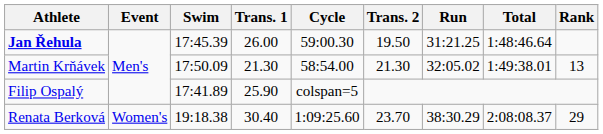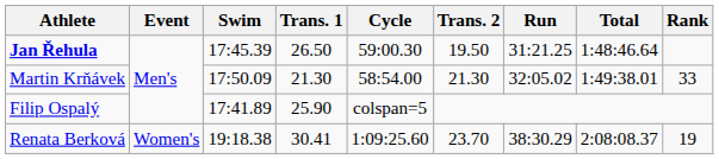 <table class=wikitable style=font-size:90%;text-align:center>
 <tr>
 <th>Athlete</th>
 <th>Event</th>
 <th>Swim</th>
 <th>Trans. 1</th>
 <th>Cycle</th>
 <th>Trans. 2</th>
 <th>Run</th>
 <th>Total</th>
 <th>Rank</th>
 </tr>
 <tr>
 <td align=left><strong><a href='#'>Jan Řehula</a></strong></td>
 <td align=left rowspan=3><a href='#'>Men's</a></td>
 <td>17:45.39</td>
-<td>26.00</td>
+<td>26.50</td>
 <td>59:00.30</td>
 <td>19.50</td>
 <td>31:21.25</td>
 <td>1:48:46.64</td>
 <td></td>
 </tr>
 <tr>
 <td align=left><a href='#'>Martin Krňávek</a></td>
 <td>17:50.09</td>
 <td>21.30</td>
 <td>58:54.00</td>
 <td>21.30</td>
 <td>32:05.02</td>
 <td>1:49:38.01</td>
-<td>13</td>
+<td>33</td>
 </tr>
 <tr>
 <td align=left><a href='#'>Filip Ospalý</a></td>
 <td>17:41.89</td>
 <td>25.90</td>
 <td>colspan=5 </td>
 </tr>
 <tr>
 <td align=left><a href='#'>Renata Berková</a></td>
 <td align=left><a href='#'>Women's</a></td>
 <td>19:18.38</td>
-<td>30.40</td>
+<td>30.41</td>
 <td>1:09:25.60</td>
 <td>23.70</td>
 <td>38:30.29</td>
 <td>2:08:08.37</td>
-<td>29</td>
+<td>19</td>
 </tr>
 </table>
